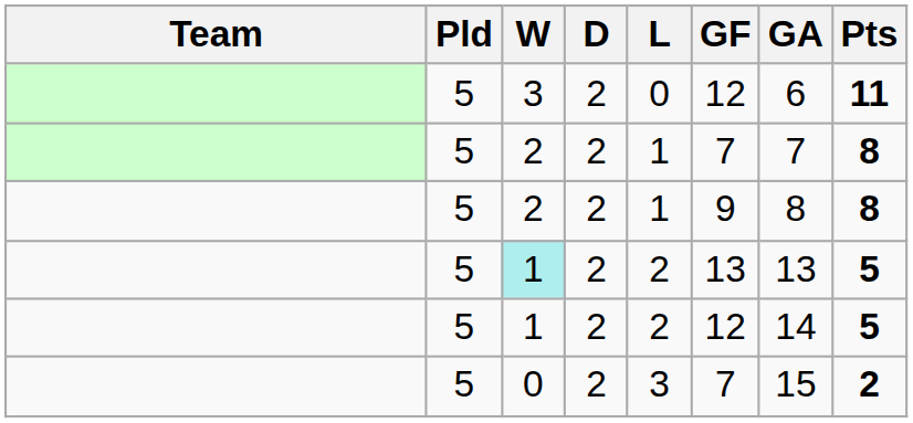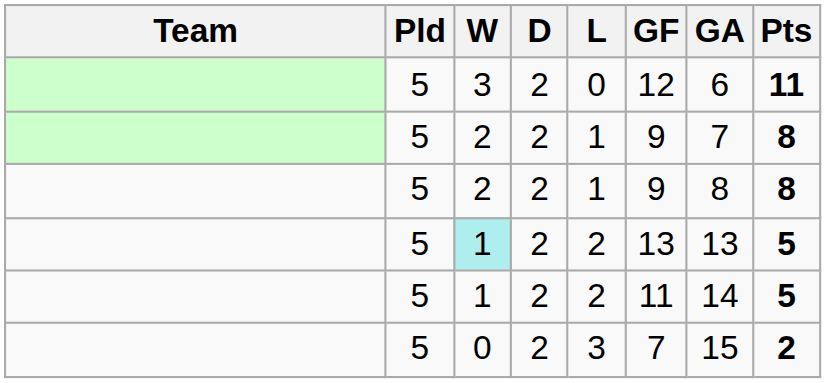 <table class=wikitable style="text-align:center">
 <tr>
 <th width=175>Team</th>
 <th width=20>Pld</th>
 <th width=20>W</th>
 <th width=20>D</th>
 <th width=20>L</th>
 <th width=20>GF</th>
 <th width=20>GA</th>
 <th width=20>Pts</th>
 </tr>
 <tr>
 <td style="text-align:left; background:#cfc;"></td>
 <td>5</td>
 <td>3</td>
 <td>2</td>
 <td>0</td>
 <td>12</td>
 <td>6</td>
 <td><strong>11</strong></td>
 </tr>
 <tr>
 <td style="text-align:left; background:#cfc;"></td>
 <td>5</td>
 <td>2</td>
 <td>2</td>
 <td>1</td>
-<td>7</td>
+<td>9</td>
 <td>7</td>
 <td><strong>8</strong></td>
 </tr>
 <tr>
 <td align=left></td>
 <td>5</td>
 <td>2</td>
 <td>2</td>
 <td>1</td>
 <td>9</td>
 <td>8</td>
 <td><strong>8</strong></td>
 </tr>
 <tr>
 <td align=left></td>
 <td>5</td>
 <td style="background: paleturquoise;">1</td>
 <td>2</td>
 <td>2</td>
 <td>13</td>
 <td>13</td>
 <td><strong>5</strong></td>
 </tr>
 <tr>
 <td align=left></td>
 <td>5</td>
 <td>1</td>
 <td>2</td>
 <td>2</td>
-<td>12</td>
+<td>11</td>
 <td>14</td>
 <td><strong>5</strong></td>
 </tr>
 <tr>
 <td align=left></td>
 <td>5</td>
 <td>0</td>
 <td>2</td>
 <td>3</td>
 <td>7</td>
 <td>15</td>
 <td><strong>2</strong></td>
 </tr>
 </table>
